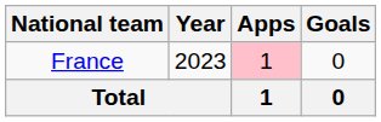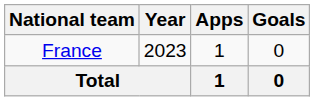 <table class="wikitable" style="text-align: center;">
 <tr>
 <th>National team</th>
 <th>Year</th>
 <th>Apps</th>
 <th>Goals</th>
 </tr>
 <tr>
 <td><a href='#'>France</a></td>
 <td>2023</td>
-<td style="background: pink;">1</td>
+<td>1</td>
 <td>0</td>
 </tr>
 <tr>
 <th colspan="2">Total</th>
 <th>1</th>
 <th>0</th>
 </tr>
 </table>
